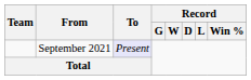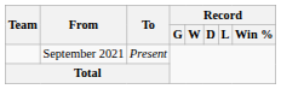 <table class="wikitable" style="text-align: center">
 <tr>
 <th rowspan="2">Team</th>
 <th rowspan="2">From</th>
 <th rowspan="2">To</th>
 <th colspan="5">Record</th>
 </tr>
 <tr>
 <th>G</th>
 <th>W</th>
 <th>D</th>
 <th>L</th>
 <th>Win %</th>
 </tr>
 <tr>
 <td align=left></td>
 <td align=left>September 2021</td>
-<td align=left style="background: lavender;"><em>Present</em><br></td>
+<td align=left><em>Present</em><br></td>
 </tr>
 <tr>
 <th colspan="3">Total<br></th>
 </tr>
 </table>
